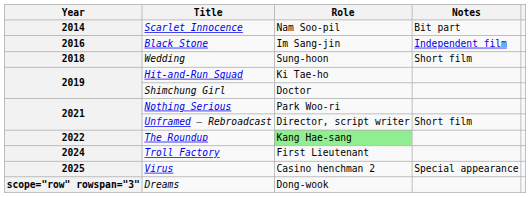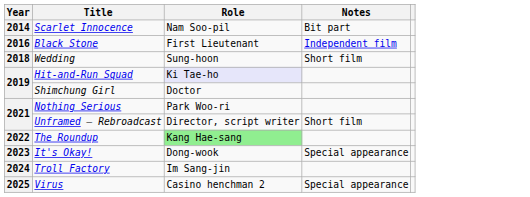 <table class="wikitable plainrowheaders sortable">
 <tr>
 <th scope="col">Year</th>
 <th scope="col">Title</th>
 <th scope="col">Role</th>
 <th scope="col">Notes</th>
 <th scope="col" class="unsortable"></th>
 </tr>
 <tr>
 <th scope="row">2014</th>
 <td><em><a href='#'>Scarlet Innocence</a></em></td>
 <td>Nam Soo-pil</td>
 <td>Bit part</td>
 <td style="text-align:center"></td>
 </tr>
 <tr>
 <th scope="row">2016</th>
 <td><em><a href='#'>Black Stone</a></em></td>
-<td>Im Sang-jin</td>
+<td>First Lieutenant</td>
 <td><a href='#'>Independent film</a></td>
 <td style="text-align:center"></td>
 </tr>
 <tr>
 <th scope="row">2018</th>
 <td><em>Wedding</em></td>
 <td>Sung-hoon</td>
 <td>Short film</td>
 <td style="text-align:center"></td>
 </tr>
 <tr>
 <th scope="row" rowspan="2">2019</th>
 <td><em><a href='#'>Hit-and-Run Squad</a></em></td>
-<td>Ki Tae-ho</td>
+<td style="background: lavender;">Ki Tae-ho</td>
 <td></td>
 <td style="text-align:center"></td>
 </tr>
 <tr>
 <td><em>Shimchung Girl</em></td>
 <td>Doctor</td>
 <td></td>
 <td style="text-align:center"></td>
 </tr>
 <tr>
 <th scope="row" rowspan="2">2021</th>
 <td><em><a href='#'>Nothing Serious</a></em></td>
 <td>Park Woo-ri</td>
 <td></td>
 <td style="text-align:center"></td>
 </tr>
 <tr>
 <td><em><a href='#'>Unframed</a> – Rebroadcast</em></td>
 <td>Director, script writer</td>
 <td>Short film</td>
 <td style="text-align:center"></td>
 </tr>
 <tr>
 <th scope="row">2022</th>
 <td><em><a href='#'>The Roundup</a></em></td>
 <td style="background: lightgreen;">Kang Hae-sang</td>
 <td></td>
 <td style="text-align:center"></td>
 </tr>
 <tr>
+<th scope="row">2023</th>
+<td><em><a href='#'>It's Okay!</a></em></td>
+<td>Dong-wook</td>
+<td>Special appearance</td>
+<td style="text-align:center"></td>
+</tr>
+<tr>
 <th scope="row">2024</th>
 <td><em><a href='#'>Troll Factory</a></em></td>
-<td>First Lieutenant</td>
+<td>Im Sang-jin</td>
 <td></td>
 <td style="text-align:center"></td>
 </tr>
 <tr>
 <th scope="row">2025</th>
 <td><em><a href='#'>Virus</a></em></td>
 <td>Casino henchman 2</td>
 <td>Special appearance</td>
 <td style="text-align:center"></td>
 </tr>
-<tr>
-<th>scope="row" rowspan="3" </th>
-<td><em>Dreams</em></td>
-<td>Dong-wook</td>
-<td></td>
-<td style="text-align:center"></td>
-</tr>
 </table>
